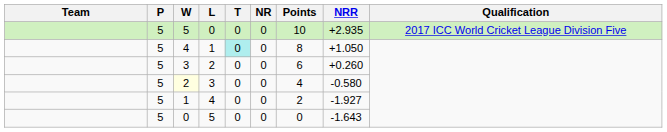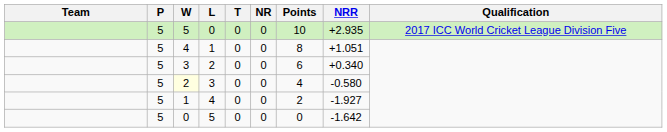 <table class="wikitable" style="text-align:center;">
 <tr>
 <th width=200>Team</th>
 <th width=30 abbr="Played">P</th>
 <th width=30 abbr="Won">W</th>
 <th width=30 abbr="Lost">L</th>
 <th width=30 abbr="Tied">T</th>
 <th width=30 abbr="No result">NR</th>
 <th width=60>Points</th>
 <th width=60 abbr="Net run rate"><a href='#'>NRR</a></th>
 <th width=417>Qualification</th>
 </tr>
 <tr style="background: #D0F0C0;">
 <td align="left"></td>
 <td>5</td>
 <td>5</td>
 <td>0</td>
 <td>0</td>
 <td>0</td>
 <td>10</td>
 <td>+2.935</td>
 <td rowspan=1><a href='#'>2017 ICC World Cricket League Division Five</a></td>
 </tr>
 <tr>
 <td align="left"></td>
 <td>5</td>
 <td>4</td>
 <td>1</td>
-<td style="background: paleturquoise;">0</td>
+<td>0</td>
 <td>0</td>
 <td>8</td>
-<td>+1.050</td>
+<td>+1.051</td>
 <td rowspan=5></td>
 </tr>
 <tr>
 <td align="left"></td>
 <td>5</td>
 <td>3</td>
 <td>2</td>
 <td>0</td>
 <td>0</td>
 <td>6</td>
-<td>+0.260</td>
+<td>+0.340</td>
 </tr>
 <tr>
 <td align="left"></td>
 <td>5</td>
 <td style="background: lightyellow;">2</td>
 <td>3</td>
 <td>0</td>
 <td>0</td>
 <td>4</td>
 <td>-0.580</td>
 </tr>
 <tr>
 <td align="left"></td>
 <td>5</td>
 <td>1</td>
 <td>4</td>
 <td>0</td>
 <td>0</td>
 <td>2</td>
 <td>-1.927</td>
 </tr>
 <tr>
 <td align="left"></td>
 <td>5</td>
 <td>0</td>
 <td>5</td>
 <td>0</td>
 <td>0</td>
 <td>0</td>
-<td>-1.643</td>
+<td>-1.642</td>
 </tr>
 </table>
